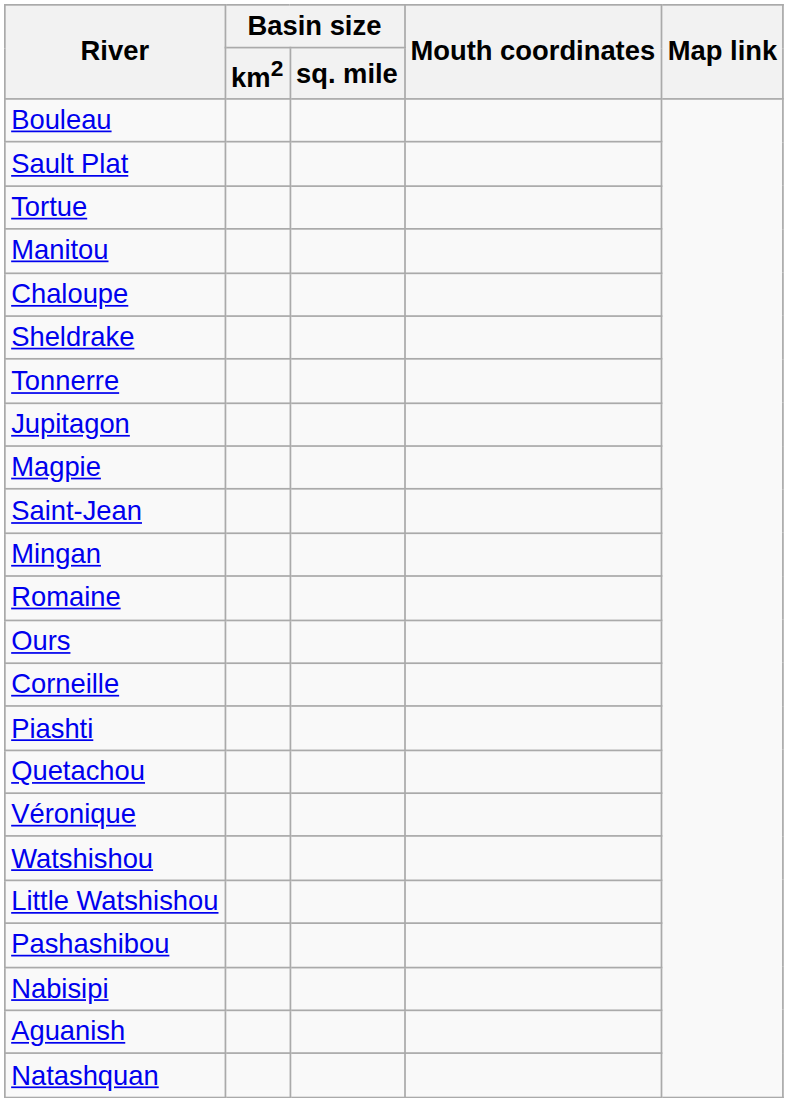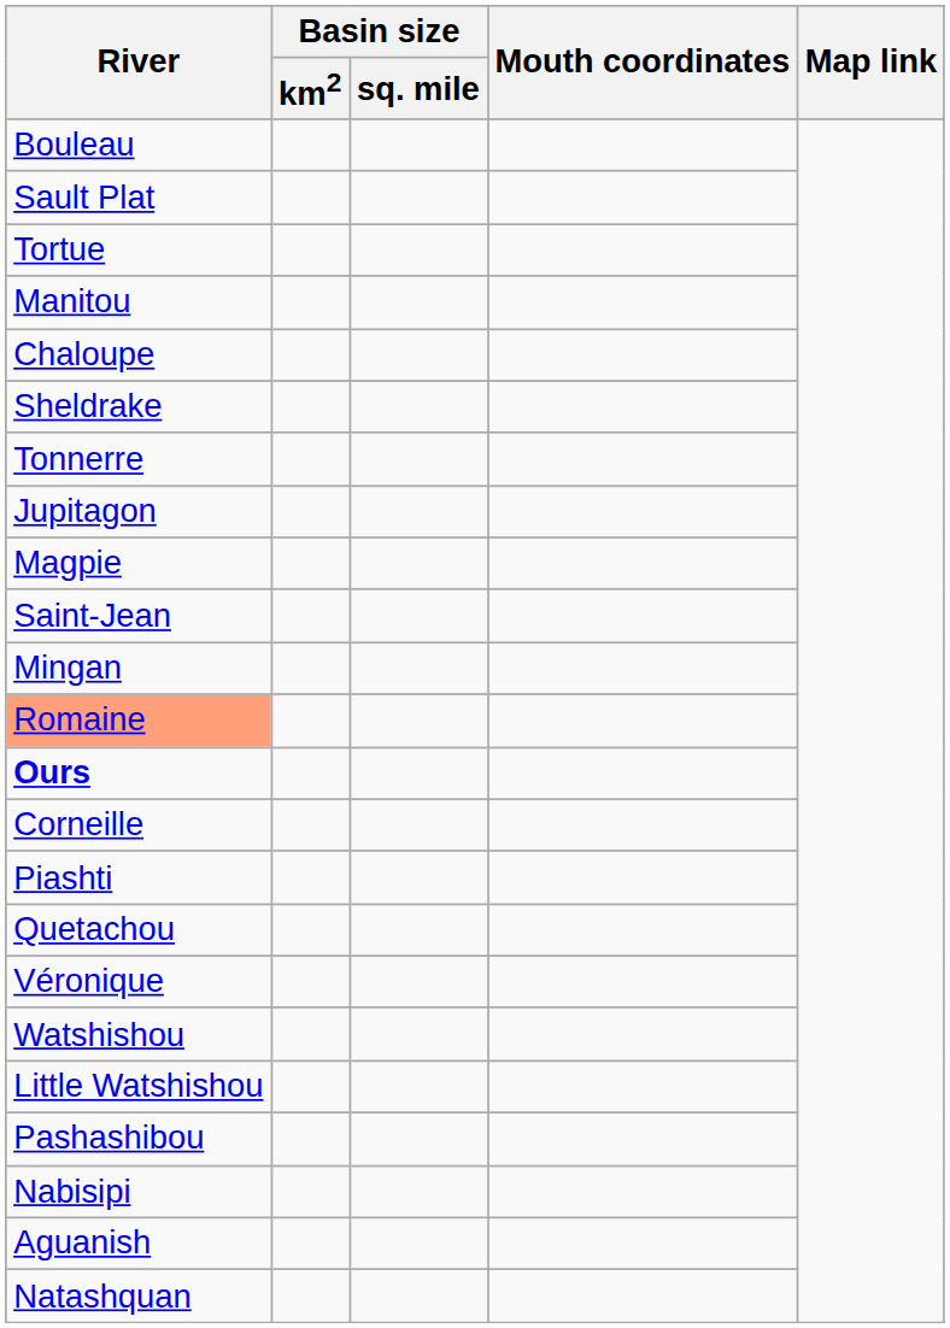 <table class="wikitable sortable">
 <tr>
 <th rowspan=2>River</th>
 <th colspan=2>Basin size</th>
 <th rowspan=2>Mouth coordinates</th>
 <th rowspan=2>Map link</th>
 </tr>
 <tr>
 <th>km<sup>2</sup></th>
 <th>sq. mile</th>
 </tr>
 <tr>
 <td><a href='#'>Bouleau</a></td>
 <td></td>
 <td></td>
 <td></td>
 </tr>
 <tr>
 <td><a href='#'>Sault Plat</a></td>
 <td></td>
 <td></td>
 <td></td>
 </tr>
 <tr>
 <td><a href='#'>Tortue</a></td>
 <td></td>
 <td></td>
 <td></td>
 </tr>
 <tr>
 <td><a href='#'>Manitou</a></td>
 <td></td>
 <td></td>
 <td></td>
 </tr>
 <tr>
 <td><a href='#'>Chaloupe</a></td>
 <td></td>
 <td></td>
 <td></td>
 </tr>
 <tr>
 <td><a href='#'>Sheldrake</a></td>
 <td></td>
 <td></td>
 <td></td>
 </tr>
 <tr>
 <td><a href='#'>Tonnerre</a></td>
 <td></td>
 <td></td>
 <td></td>
 </tr>
 <tr>
 <td><a href='#'>Jupitagon</a></td>
 <td></td>
 <td></td>
 <td></td>
 </tr>
 <tr>
 <td><a href='#'>Magpie</a></td>
 <td></td>
 <td></td>
 <td></td>
 </tr>
 <tr>
 <td><a href='#'>Saint-Jean</a></td>
 <td></td>
 <td></td>
 <td></td>
 </tr>
 <tr>
 <td><a href='#'>Mingan</a></td>
 <td></td>
 <td></td>
 <td></td>
 </tr>
 <tr>
-<td><a href='#'>Romaine</a></td>
+<td style="background: lightsalmon;"><a href='#'>Romaine</a></td>
 <td></td>
 <td></td>
 <td></td>
 </tr>
 <tr>
-<td><a href='#'>Ours</a></td>
+<td><strong><a href='#'>Ours</a></strong></td>
 <td></td>
 <td></td>
 <td></td>
 </tr>
 <tr>
 <td><a href='#'>Corneille</a></td>
 <td></td>
 <td></td>
 <td></td>
 </tr>
 <tr>
 <td><a href='#'>Piashti</a></td>
 <td></td>
 <td></td>
 <td></td>
 </tr>
 <tr>
 <td><a href='#'>Quetachou</a></td>
 <td></td>
 <td></td>
 <td></td>
 </tr>
 <tr>
 <td><a href='#'>Véronique</a></td>
 <td></td>
 <td></td>
 <td></td>
 </tr>
 <tr>
 <td><a href='#'>Watshishou</a></td>
 <td></td>
 <td></td>
 <td></td>
 </tr>
 <tr>
 <td><a href='#'>Little Watshishou</a></td>
 <td></td>
 <td></td>
 <td></td>
 </tr>
 <tr>
 <td><a href='#'>Pashashibou</a></td>
 <td></td>
 <td></td>
 <td></td>
 </tr>
 <tr>
 <td><a href='#'>Nabisipi</a></td>
 <td></td>
 <td></td>
 <td></td>
 </tr>
 <tr>
 <td><a href='#'>Aguanish</a></td>
 <td></td>
 <td></td>
 <td></td>
 </tr>
 <tr>
 <td><a href='#'>Natashquan</a></td>
 <td></td>
 <td></td>
 <td></td>
 </tr>
 </table>
